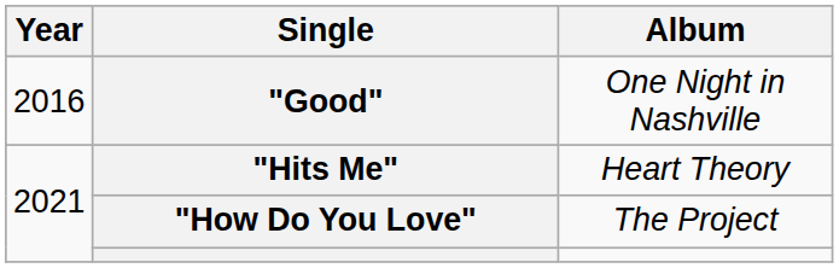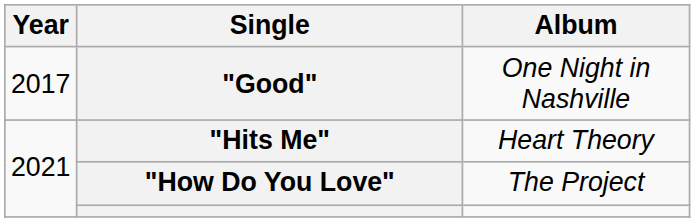 <table class="wikitable plainrowheaders" style="text-align:center;">
 <tr>
 <th>Year</th>
 <th style="width:14em;">Single</th>
 <th style="width:8em;">Album</th>
 </tr>
 <tr>
-<td>2016</td>
+<td>2017</td>
 <th scope="row">"Good"</th>
 <td><em>One Night in Nashville</em></td>
 </tr>
 <tr>
 <td rowspan="3">2021</td>
 <th scope="row">"Hits Me"</th>
 <td><em>Heart Theory</em></td>
 </tr>
 <tr>
 <th scope="row">"How Do You Love" <br></th>
 <td><em>The Project</em></td>
 </tr>
 <tr>
 <th scope="row"></th>
 <td></td>
 </tr>
 </table>
